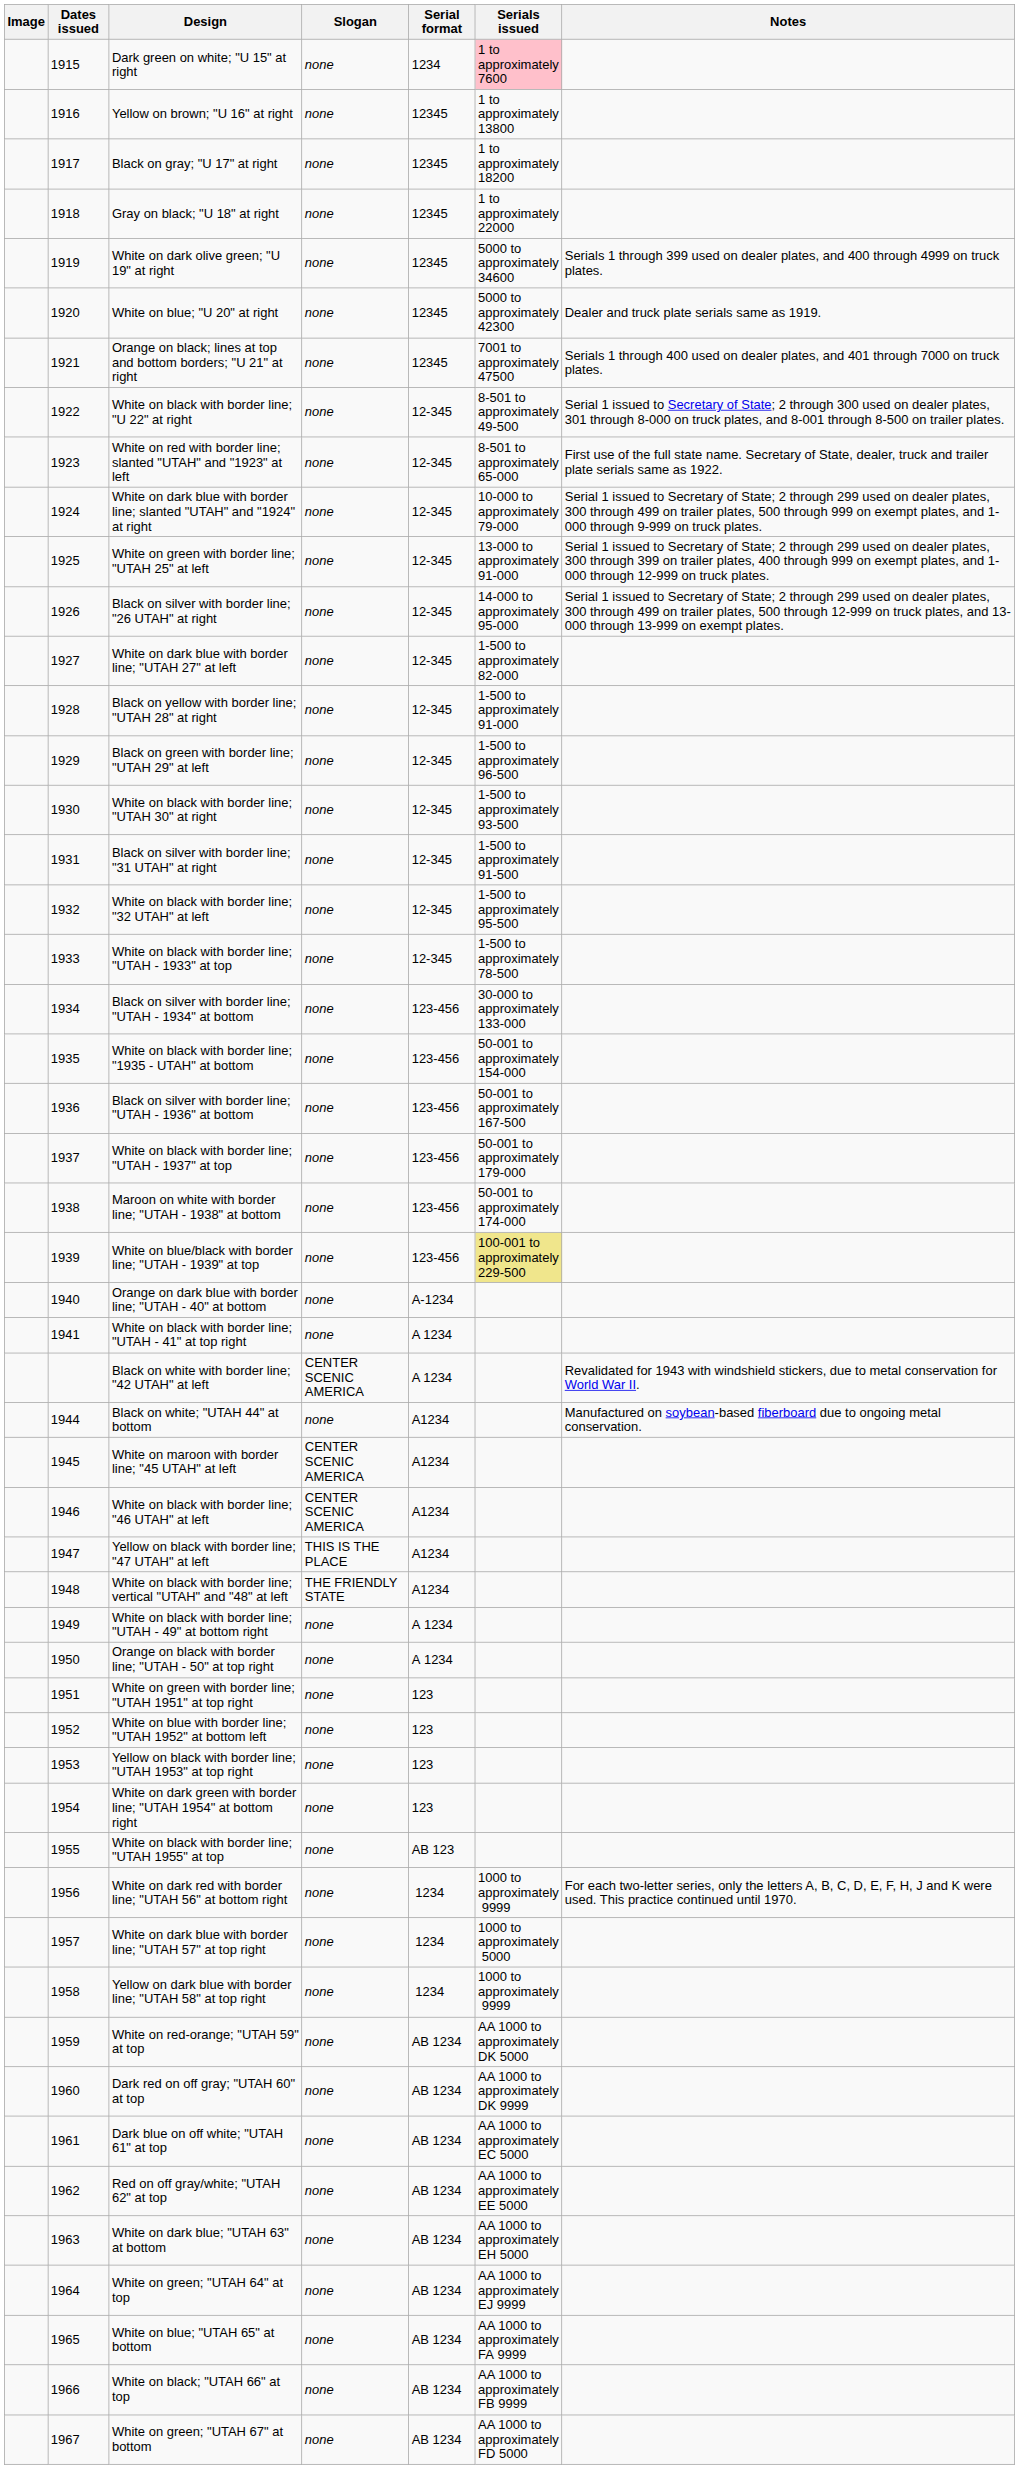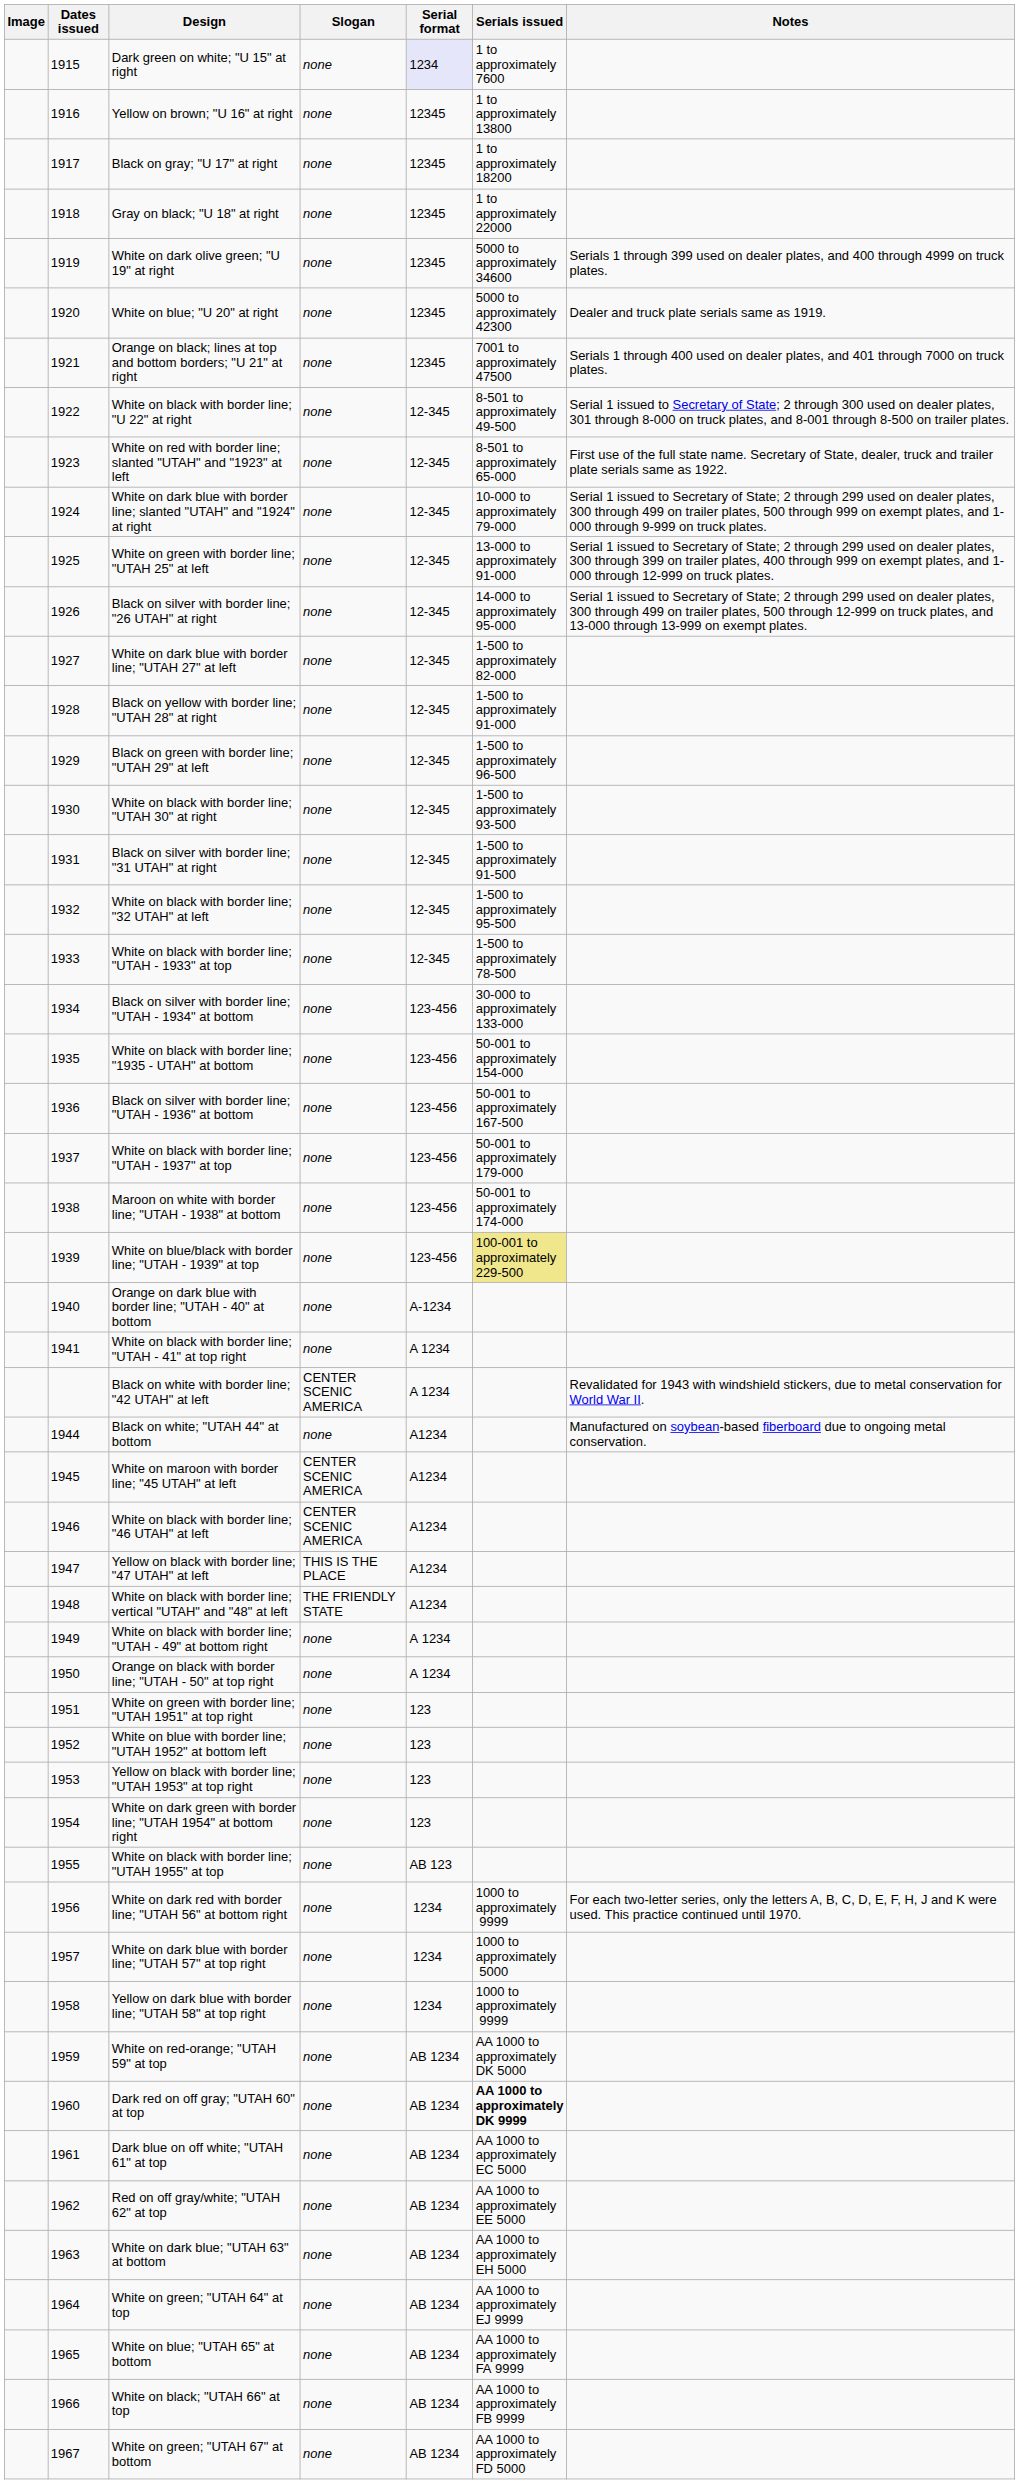 <table class="wikitable">
 <tr>
 <th>Image</th>
 <th>Dates issued</th>
 <th>Design</th>
 <th>Slogan</th>
 <th>Serial format</th>
 <th style="width:95px;">Serials issued</th>
 <th>Notes</th>
 </tr>
 <tr>
 <td></td>
 <td>1915</td>
 <td>Dark green on white; "U 15" at right</td>
 <td><em>none</em></td>
-<td>1234</td>
-<td style="background: pink;">1 to approximately 7600</td>
+<td style="background: lavender;">1234</td>
+<td>1 to approximately 7600</td>
 <td></td>
 </tr>
 <tr>
 <td></td>
 <td>1916</td>
 <td>Yellow on brown; "U 16" at right</td>
 <td><em>none</em></td>
 <td>12345</td>
 <td>1 to approximately 13800</td>
 <td></td>
 </tr>
 <tr>
 <td></td>
 <td>1917</td>
 <td>Black on gray; "U 17" at right</td>
 <td><em>none</em></td>
 <td>12345</td>
 <td>1 to approximately 18200</td>
 <td></td>
 </tr>
 <tr>
 <td></td>
 <td>1918</td>
 <td>Gray on black; "U 18" at right</td>
 <td><em>none</em></td>
 <td>12345</td>
 <td>1 to approximately 22000</td>
 <td></td>
 </tr>
 <tr>
 <td></td>
 <td>1919</td>
 <td>White on dark olive green; "U 19" at right</td>
 <td><em>none</em></td>
 <td>12345</td>
 <td>5000 to approximately 34600</td>
 <td>Serials 1 through 399 used on dealer plates, and 400 through 4999 on truck plates.</td>
 </tr>
 <tr>
 <td></td>
 <td>1920</td>
 <td>White on blue; "U 20" at right</td>
 <td><em>none</em></td>
 <td>12345</td>
 <td>5000 to approximately 42300</td>
 <td>Dealer and truck plate serials same as 1919.</td>
 </tr>
 <tr>
 <td></td>
 <td>1921</td>
 <td>Orange on black; lines at top and bottom borders; "U 21" at right</td>
 <td><em>none</em></td>
 <td>12345</td>
 <td>7001 to approximately 47500</td>
 <td>Serials 1 through 400 used on dealer plates, and 401 through 7000 on truck plates.</td>
 </tr>
 <tr>
 <td></td>
 <td>1922</td>
 <td>White on black with border line; "U 22" at right</td>
 <td><em>none</em></td>
 <td>12-345</td>
 <td>8-501 to approximately 49-500</td>
 <td>Serial 1 issued to <a href='#'>Secretary of State</a>; 2 through 300 used on dealer plates, 301 through 8-000 on truck plates, and 8-001 through 8-500 on trailer plates.</td>
 </tr>
 <tr>
 <td></td>
 <td>1923</td>
 <td>White on red with border line; slanted "UTAH" and "1923" at left</td>
 <td><em>none</em></td>
 <td>12-345</td>
 <td>8-501 to approximately 65-000</td>
 <td>First use of the full state name. Secretary of State, dealer, truck and trailer plate serials same as 1922.</td>
 </tr>
 <tr>
 <td></td>
 <td>1924</td>
 <td>White on dark blue with border line; slanted "UTAH" and "1924" at right</td>
 <td><em>none</em></td>
 <td>12-345</td>
 <td>10-000 to approximately 79-000</td>
 <td>Serial 1 issued to Secretary of State; 2 through 299 used on dealer plates, 300 through 499 on trailer plates, 500 through 999 on exempt plates, and 1-000 through 9-999 on truck plates.</td>
 </tr>
 <tr>
 <td></td>
 <td>1925</td>
 <td>White on green with border line; "UTAH 25" at left</td>
 <td><em>none</em></td>
 <td>12-345</td>
 <td>13-000 to approximately 91-000</td>
 <td>Serial 1 issued to Secretary of State; 2 through 299 used on dealer plates, 300 through 399 on trailer plates, 400 through 999 on exempt plates, and 1-000 through 12-999 on truck plates.</td>
 </tr>
 <tr>
 <td></td>
 <td>1926</td>
 <td>Black on silver with border line; "26 UTAH" at right</td>
 <td><em>none</em></td>
 <td>12-345</td>
 <td>14-000 to approximately 95-000</td>
 <td>Serial 1 issued to Secretary of State; 2 through 299 used on dealer plates, 300 through 499 on trailer plates, 500 through 12-999 on truck plates, and 13-000 through 13-999 on exempt plates.</td>
 </tr>
 <tr>
 <td></td>
 <td>1927</td>
 <td>White on dark blue with border line; "UTAH 27" at left</td>
 <td><em>none</em></td>
 <td>12-345</td>
 <td>1-500 to approximately 82-000</td>
 <td></td>
 </tr>
 <tr>
 <td></td>
 <td>1928</td>
 <td>Black on yellow with border line; "UTAH 28" at right</td>
 <td><em>none</em></td>
 <td>12-345</td>
 <td>1-500 to approximately 91-000</td>
 <td></td>
 </tr>
 <tr>
 <td></td>
 <td>1929</td>
 <td>Black on green with border line; "UTAH 29" at left</td>
 <td><em>none</em></td>
 <td>12-345</td>
 <td>1-500 to approximately 96-500</td>
 <td></td>
 </tr>
 <tr>
 <td></td>
 <td>1930</td>
 <td>White on black with border line; "UTAH 30" at right</td>
 <td><em>none</em></td>
 <td>12-345</td>
 <td>1-500 to approximately 93-500</td>
 <td></td>
 </tr>
 <tr>
 <td></td>
 <td>1931</td>
 <td>Black on silver with border line; "31 UTAH" at right</td>
 <td><em>none</em></td>
 <td>12-345</td>
 <td>1-500 to approximately 91-500</td>
 <td></td>
 </tr>
 <tr>
 <td></td>
 <td>1932</td>
 <td>White on black with border line; "32 UTAH" at left</td>
 <td><em>none</em></td>
 <td>12-345</td>
 <td>1-500 to approximately 95-500</td>
 <td></td>
 </tr>
 <tr>
 <td></td>
 <td>1933</td>
 <td>White on black with border line; "UTAH - 1933" at top</td>
 <td><em>none</em></td>
 <td>12-345</td>
 <td>1-500 to approximately 78-500</td>
 <td></td>
 </tr>
 <tr>
 <td></td>
 <td>1934</td>
 <td>Black on silver with border line; "UTAH - 1934" at bottom</td>
 <td><em>none</em></td>
 <td>123-456</td>
 <td>30-000 to approximately 133-000</td>
 <td></td>
 </tr>
 <tr>
 <td></td>
 <td>1935</td>
 <td>White on black with border line; "1935 - UTAH" at bottom</td>
 <td><em>none</em></td>
 <td>123-456</td>
 <td>50-001 to approximately 154-000</td>
 <td></td>
 </tr>
 <tr>
 <td></td>
 <td>1936</td>
 <td>Black on silver with border line; "UTAH - 1936" at bottom</td>
 <td><em>none</em></td>
 <td>123-456</td>
 <td>50-001 to approximately 167-500</td>
 <td></td>
 </tr>
 <tr>
 <td></td>
 <td>1937</td>
 <td>White on black with border line; "UTAH - 1937" at top</td>
 <td><em>none</em></td>
 <td>123-456</td>
 <td>50-001 to approximately 179-000</td>
 <td></td>
 </tr>
 <tr>
 <td></td>
 <td>1938</td>
 <td>Maroon on white with border line; "UTAH - 1938" at bottom</td>
 <td><em>none</em></td>
 <td>123-456</td>
 <td>50-001 to approximately 174-000</td>
 <td></td>
 </tr>
 <tr>
 <td></td>
 <td>1939</td>
 <td>White on blue/black with border line; "UTAH - 1939" at top</td>
 <td><em>none</em></td>
 <td>123-456</td>
 <td style="background: khaki;">100-001 to approximately 229-500</td>
 <td></td>
 </tr>
 <tr>
 <td></td>
 <td>1940</td>
 <td>Orange on dark blue with border line; "UTAH - 40" at bottom</td>
 <td><em>none</em></td>
 <td>A-1234</td>
 <td></td>
 <td></td>
 </tr>
 <tr>
 <td></td>
 <td>1941</td>
 <td>White on black with border line; "UTAH - 41" at top right</td>
 <td><em>none</em></td>
 <td>A 1234</td>
 <td></td>
 <td></td>
 </tr>
 <tr>
 <td></td>
 <td></td>
 <td>Black on white with border line; "42 UTAH" at left</td>
 <td>CENTER SCENIC AMERICA</td>
 <td>A 1234</td>
 <td></td>
 <td>Revalidated for 1943 with windshield stickers, due to metal conservation for <a href='#'>World War II</a>.</td>
 </tr>
 <tr>
 <td></td>
 <td>1944</td>
 <td>Black on white; "UTAH 44" at bottom</td>
 <td><em>none</em></td>
 <td>A1234</td>
 <td></td>
 <td>Manufactured on <a href='#'>soybean</a>-based <a href='#'>fiberboard</a> due to ongoing metal conservation.</td>
 </tr>
 <tr>
 <td></td>
 <td>1945</td>
 <td>White on maroon with border line; "45 UTAH" at left</td>
 <td>CENTER SCENIC AMERICA</td>
 <td>A1234</td>
 <td></td>
 <td></td>
 </tr>
 <tr>
 <td></td>
 <td>1946</td>
 <td>White on black with border line; "46 UTAH" at left</td>
 <td>CENTER SCENIC AMERICA</td>
 <td>A1234</td>
 <td></td>
 <td></td>
 </tr>
 <tr>
 <td></td>
 <td>1947</td>
 <td>Yellow on black with border line; "47 UTAH" at left</td>
 <td>THIS IS THE PLACE</td>
 <td>A1234</td>
 <td></td>
 <td></td>
 </tr>
 <tr>
 <td></td>
 <td>1948</td>
 <td>White on black with border line; vertical "UTAH" and "48" at left</td>
 <td>THE FRIENDLY STATE</td>
 <td>A1234</td>
 <td></td>
 <td></td>
 </tr>
 <tr>
 <td></td>
 <td>1949</td>
 <td>White on black with border line; "UTAH - 49" at bottom right</td>
 <td><em>none</em></td>
 <td>A 1234</td>
 <td></td>
 <td></td>
 </tr>
 <tr>
 <td></td>
 <td>1950</td>
 <td>Orange on black with border line; "UTAH - 50" at top right</td>
 <td><em>none</em></td>
 <td>A 1234</td>
 <td></td>
 <td></td>
 </tr>
 <tr>
 <td></td>
 <td>1951</td>
 <td>White on green with border line; "UTAH 1951" at top right</td>
 <td><em>none</em></td>
 <td> 123</td>
 <td></td>
 <td></td>
 </tr>
 <tr>
 <td></td>
 <td>1952</td>
 <td>White on blue with border line; "UTAH 1952" at bottom left</td>
 <td><em>none</em></td>
 <td>123 </td>
 <td></td>
 <td></td>
 </tr>
 <tr>
 <td></td>
 <td>1953</td>
 <td>Yellow on black with border line; "UTAH 1953" at top right</td>
 <td><em>none</em></td>
 <td> 123</td>
 <td></td>
 <td></td>
 </tr>
 <tr>
 <td></td>
 <td>1954</td>
 <td>White on dark green with border line; "UTAH 1954" at bottom right</td>
 <td><em>none</em></td>
 <td> 123</td>
 <td></td>
 <td></td>
 </tr>
 <tr>
 <td></td>
 <td>1955</td>
 <td>White on black with border line; "UTAH 1955" at top</td>
 <td><em>none</em></td>
 <td>AB 123</td>
 <td></td>
 <td></td>
 </tr>
 <tr>
 <td></td>
 <td>1956</td>
 <td>White on dark red with border line; "UTAH 56" at bottom right</td>
 <td><em>none</em></td>
 <td> 1234</td>
 <td> 1000 to approximately  9999</td>
 <td>For each two-letter series, only the letters A, B, C, D, E, F, H, J and K were used. This practice continued until 1970.</td>
 </tr>
 <tr>
 <td></td>
 <td>1957</td>
 <td>White on dark blue with border line; "UTAH 57" at top right</td>
 <td><em>none</em></td>
 <td> 1234</td>
 <td> 1000 to approximately  5000</td>
 <td></td>
 </tr>
 <tr>
 <td></td>
 <td>1958</td>
 <td>Yellow on dark blue with border line; "UTAH 58" at top right</td>
 <td><em>none</em></td>
 <td> 1234</td>
 <td> 1000 to approximately  9999</td>
 <td></td>
 </tr>
 <tr>
 <td></td>
 <td>1959</td>
 <td>White on red-orange; "UTAH 59" at top</td>
 <td><em>none</em></td>
 <td>AB 1234</td>
 <td>AA 1000 to approximately DK 5000</td>
 <td></td>
 </tr>
 <tr>
 <td></td>
 <td>1960</td>
 <td>Dark red on off gray; "UTAH 60" at top</td>
 <td><em>none</em></td>
 <td>AB 1234</td>
-<td>AA 1000 to approximately DK 9999</td>
+<td><strong>AA 1000 to approximately DK 9999</strong></td>
 <td></td>
 </tr>
 <tr>
 <td></td>
 <td>1961</td>
 <td>Dark blue on off white; "UTAH 61" at top</td>
 <td><em>none</em></td>
 <td>AB 1234</td>
 <td>AA 1000 to approximately EC 5000</td>
 <td></td>
 </tr>
 <tr>
 <td></td>
 <td>1962</td>
 <td>Red on off gray/white; "UTAH 62" at top</td>
 <td><em>none</em></td>
 <td>AB 1234</td>
 <td>AA 1000 to approximately EE 5000</td>
 <td></td>
 </tr>
 <tr>
 <td></td>
 <td>1963</td>
 <td>White on dark blue; "UTAH 63" at bottom</td>
 <td><em>none</em></td>
 <td>AB 1234</td>
 <td>AA 1000 to approximately EH 5000</td>
 <td></td>
 </tr>
 <tr>
 <td></td>
 <td>1964</td>
 <td>White on green; "UTAH 64" at top</td>
 <td><em>none</em></td>
 <td>AB 1234</td>
 <td>AA 1000 to approximately EJ 9999</td>
 <td></td>
 </tr>
 <tr>
 <td></td>
 <td>1965</td>
 <td>White on blue; "UTAH 65" at bottom</td>
 <td><em>none</em></td>
 <td>AB 1234</td>
 <td>AA 1000 to approximately FA 9999</td>
 <td></td>
 </tr>
 <tr>
 <td></td>
 <td>1966</td>
 <td>White on black; "UTAH 66" at top</td>
 <td><em>none</em></td>
 <td>AB 1234</td>
 <td>AA 1000 to approximately FB 9999</td>
 <td></td>
 </tr>
 <tr>
 <td></td>
 <td>1967</td>
 <td>White on green; "UTAH 67" at bottom</td>
 <td><em>none</em></td>
 <td>AB 1234</td>
 <td>AA 1000 to approximately FD 5000</td>
 <td></td>
 </tr>
 </table>
